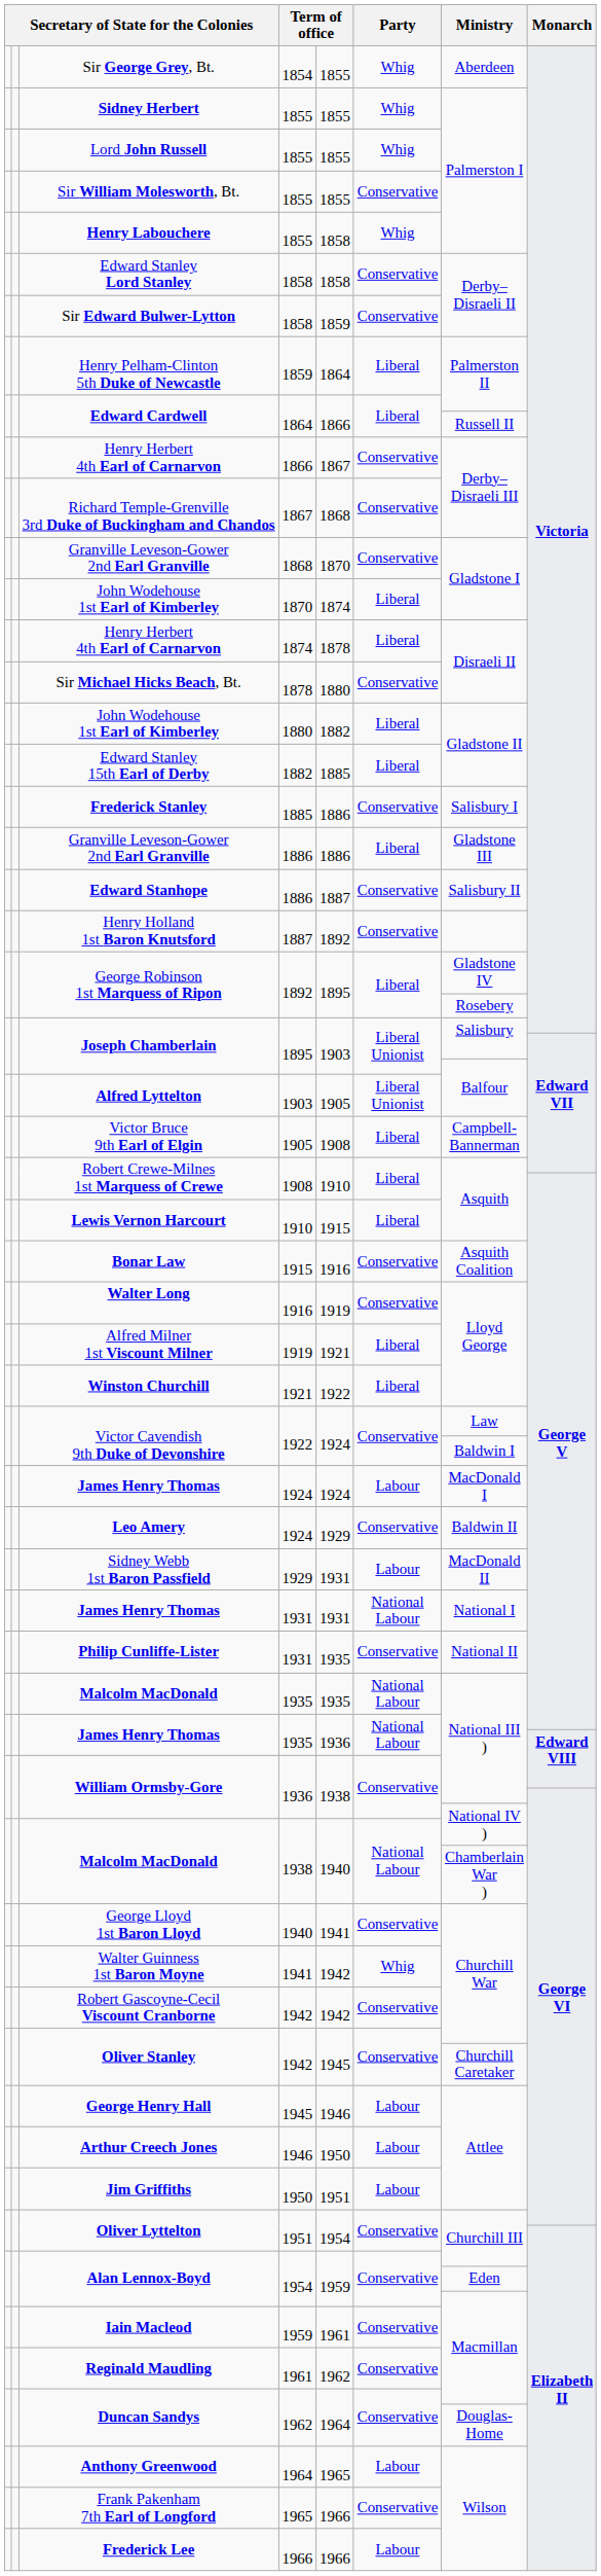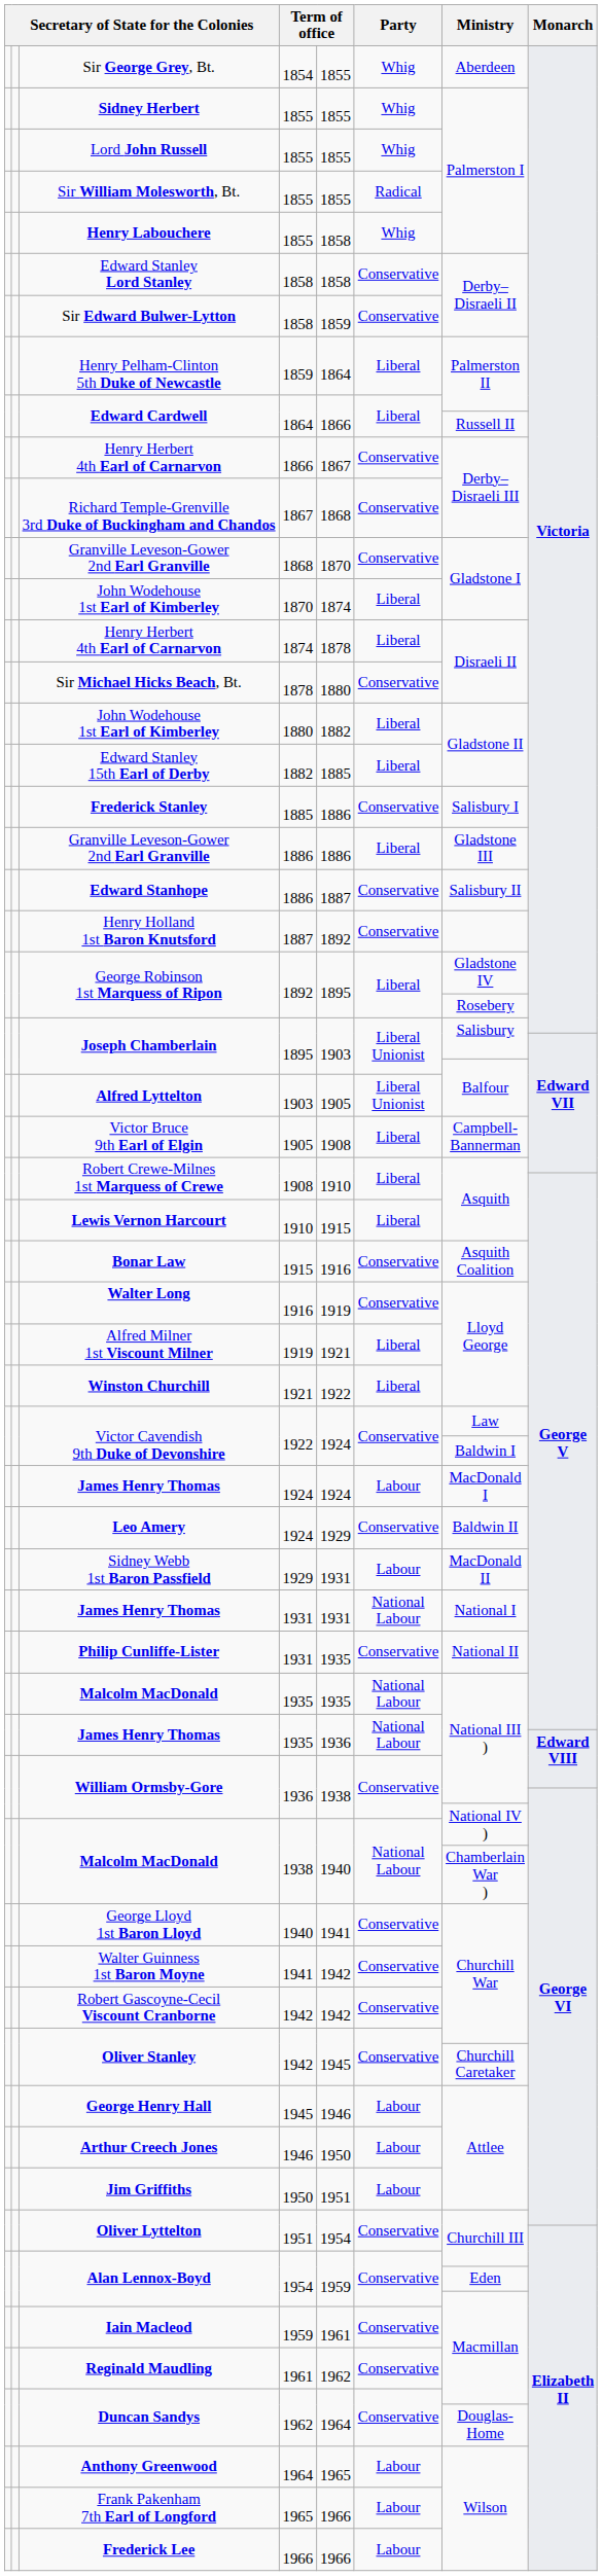 <table class="wikitable" style="text-align:center">
 <tr>
 <th colspan=3>Secretary of State for the Colonies</th>
 <th colspan=2>Term of office</th>
 <th>Party</th>
 <th>Ministry</th>
 <th>Monarch<br></th>
 </tr>
 <tr style="height:1em">
 <td style="background-color: "></td>
 <td></td>
 <td>Sir <a href='#'><strong>George Grey</strong></a>, Bt.<br></td>
 <td><br>1854</td>
 <td><br>1855</td>
 <td><a href='#'>Whig</a></td>
 <td><a href='#'>Aberdeen</a><br></td>
 <td rowspan=25 style="background:#EAECF0"><a href='#'><strong>Victoria</strong></a><br><br></td>
 </tr>
 <tr style="height:1em">
 <td style="background-color: "></td>
 <td></td>
 <td><a href='#'><strong>Sidney Herbert</strong></a><br></td>
 <td><br>1855</td>
 <td><br>1855</td>
 <td><a href='#'>Whig</a></td>
 <td rowspan=4 ><a href='#'>Palmerston I</a></td>
 </tr>
 <tr style="height:1em">
 <td style="background-color: "></td>
 <td></td>
 <td><a href='#'>Lord <strong>John Russell</strong></a><br></td>
 <td><br>1855</td>
 <td><br>1855</td>
 <td><a href='#'>Whig</a></td>
 </tr>
 <tr style="height:1em">
 <td style="background-color: "></td>
 <td></td>
 <td><a href='#'>Sir <strong>William Molesworth</strong></a>, Bt.<br></td>
 <td><br>1855</td>
 <td><br>1855</td>
-<td><a href='#'>Conservative</a></td>
+<td><a href='#'>Radical</a></td>
 </tr>
 <tr style="height:1em">
 <td style="background-color: "></td>
 <td></td>
 <td><a href='#'><strong>Henry Labouchere</strong></a><br></td>
 <td><br>1855</td>
 <td><br>1858</td>
 <td><a href='#'>Whig</a></td>
 </tr>
 <tr style="height:1em">
 <td style="background-color: "></td>
 <td></td>
 <td><a href='#'>Edward Stanley<br><strong>Lord Stanley</strong></a><br></td>
 <td><br>1858</td>
 <td><br>1858</td>
 <td><a href='#'>Conservative</a></td>
 <td rowspan=2 ><a href='#'>Derby–Disraeli II</a></td>
 </tr>
 <tr style="height:1em">
 <td style="background-color: "></td>
 <td></td>
 <td>Sir <a href='#'><strong>Edward Bulwer-Lytton</strong></a><br></td>
 <td><br>1858</td>
 <td><br>1859</td>
 <td><a href='#'>Conservative</a></td>
 </tr>
 <tr style="height:1em">
 <td style="background-color: "></td>
 <td></td>
 <td><a href='#'><br>Henry Pelham-Clinton<br>5th <strong>Duke of Newcastle</strong></a><br></td>
 <td><br>1859</td>
 <td><br>1864</td>
 <td><a href='#'>Liberal</a></td>
 <td rowspan=2 ><a href='#'>Palmerston II</a></td>
 </tr>
 <tr style="height:1em">
 <td rowspan=2 style="background-color: "></td>
 <td rowspan=2></td>
 <td rowspan=2><a href='#'><strong>Edward Cardwell</strong></a><br></td>
 <td rowspan=2><br>1864</td>
 <td rowspan=2><br>1866</td>
 <td rowspan=2 ><a href='#'>Liberal</a></td>
 </tr>
 <tr style="height:1em">
 <td><a href='#'>Russell II</a></td>
 </tr>
 <tr style="height:1em">
 <td style="background-color: "></td>
 <td></td>
 <td><a href='#'>Henry Herbert<br>4th <strong>Earl of Carnarvon</strong></a><br></td>
 <td><br>1866</td>
 <td><br>1867</td>
 <td><a href='#'>Conservative</a></td>
 <td rowspan=2 ><a href='#'>Derby–Disraeli III</a></td>
 </tr>
 <tr style="height:1em">
 <td style="background-color: "></td>
 <td></td>
 <td style="white-space: nowrap;"><a href='#'><br>Richard Temple-Grenville<br>3rd <strong>Duke of Buckingham and Chandos</strong></a><br></td>
 <td><br>1867</td>
 <td><br>1868</td>
 <td><a href='#'>Conservative</a></td>
 </tr>
 <tr style="height:1em">
 <td style="background-color: "></td>
 <td></td>
 <td><a href='#'>Granville Leveson-Gower<br>2nd <strong>Earl Granville</strong></a><br></td>
 <td><br>1868</td>
 <td><br>1870</td>
 <td><a href='#'>Conservative</a></td>
 <td rowspan=2 ><a href='#'>Gladstone I</a></td>
 </tr>
 <tr style="height:1em">
 <td style="background-color: "></td>
 <td></td>
 <td><a href='#'>John Wodehouse<br>1st <strong>Earl of Kimberley</strong></a><br></td>
 <td><br>1870</td>
 <td><br>1874</td>
 <td><a href='#'>Liberal</a></td>
 </tr>
 <tr style="height:1em">
 <td style="background-color: "></td>
 <td></td>
 <td><a href='#'>Henry Herbert<br>4th <strong>Earl of Carnarvon</strong></a></td>
 <td><br>1874</td>
 <td><br>1878</td>
 <td><a href='#'>Liberal</a></td>
 <td rowspan=2 ><a href='#'>Disraeli II</a></td>
 </tr>
 <tr style="height:1em">
 <td style="background-color: "></td>
 <td></td>
 <td>Sir <a href='#'><strong>Michael Hicks Beach</strong></a>, Bt.<br></td>
 <td><br>1878</td>
 <td><br>1880</td>
 <td><a href='#'>Conservative</a></td>
 </tr>
 <tr style="height:1em">
 <td style="background-color: "></td>
 <td></td>
 <td><a href='#'>John Wodehouse<br>1st <strong>Earl of Kimberley</strong></a><br></td>
 <td><br>1880</td>
 <td><br>1882</td>
 <td><a href='#'>Liberal</a></td>
 <td rowspan=2 ><a href='#'>Gladstone II</a></td>
 </tr>
 <tr style="height:1em">
 <td style="background-color: "></td>
 <td></td>
 <td><a href='#'>Edward Stanley<br>15th <strong>Earl of Derby</strong></a><br></td>
 <td><br>1882</td>
 <td><br>1885</td>
 <td><a href='#'>Liberal</a></td>
 </tr>
 <tr style="height:1em">
 <td style="background-color: "></td>
 <td></td>
 <td><a href='#'><strong>Frederick Stanley</strong></a><br></td>
 <td><br>1885</td>
 <td><br>1886</td>
 <td><a href='#'>Conservative</a></td>
 <td><a href='#'>Salisbury I</a></td>
 </tr>
 <tr style="height:1em">
 <td style="background-color: "></td>
 <td></td>
 <td><a href='#'>Granville Leveson-Gower<br>2nd <strong>Earl Granville</strong></a><br></td>
 <td><br>1886</td>
 <td><br>1886</td>
 <td><a href='#'>Liberal</a></td>
 <td><a href='#'>Gladstone III</a></td>
 </tr>
 <tr style="height:1em">
 <td style="background-color: "></td>
 <td></td>
 <td><strong><a href='#'>Edward Stanhope</a></strong><br></td>
 <td><br>1886</td>
 <td><br>1887</td>
 <td><a href='#'>Conservative</a></td>
 <td><a href='#'>Salisbury II</a></td>
 </tr>
 <tr style="height:1em">
 <td style="background-color: "></td>
 <td></td>
 <td><a href='#'>Henry Holland<br>1st <strong>Baron Knutsford</strong></a><br></td>
 <td><br>1887</td>
 <td><br>1892</td>
 <td><a href='#'>Conservative</a></td>
 </tr>
 <tr style="height:1em">
 <td rowspan=2 style="background-color: "></td>
 <td rowspan=2></td>
 <td rowspan=2><a href='#'>George Robinson<br>1st <strong>Marquess of Ripon</strong></a><br></td>
 <td rowspan=2><br>1892</td>
 <td rowspan=2><br>1895</td>
 <td rowspan=2 ><a href='#'>Liberal</a></td>
 <td><a href='#'>Gladstone IV</a></td>
 </tr>
 <tr style="height:1em">
 <td><a href='#'>Rosebery</a></td>
 </tr>
 <tr style="height:1em">
 <td rowspan=3 style="background-color: "></td>
 <td rowspan=3></td>
 <td rowspan=3><strong><a href='#'>Joseph Chamberlain</a></strong><br></td>
 <td rowspan=3><br>1895</td>
 <td rowspan=3><br>1903</td>
 <td rowspan=3 ><a href='#'>Liberal Unionist</a></td>
 <td rowspan=2 ><a href='#'>Salisbury<br></a><br></td>
 </tr>
 <tr style="height:1em">
 <td rowspan=5 style="background:#EAECF0"><strong><a href='#'>Edward VII</a></strong><br><br></td>
 </tr>
 <tr style="height:1em">
 <td rowspan=2 ><a href='#'>Balfour</a><br></td>
 </tr>
 <tr style="height:1em">
 <td style="background-color: "></td>
 <td></td>
 <td><strong><a href='#'>Alfred Lyttelton</a></strong><br></td>
 <td><br>1903</td>
 <td><br>1905</td>
 <td><a href='#'>Liberal Unionist</a></td>
 </tr>
 <tr style="height:1em">
 <td style="background-color: "></td>
 <td></td>
 <td><a href='#'>Victor Bruce<br>9th <strong>Earl of Elgin</strong></a><br></td>
 <td><br>1905</td>
 <td><br>1908</td>
 <td><a href='#'>Liberal</a></td>
 <td><a href='#'>Campbell-Bannerman</a></td>
 </tr>
 <tr style="height:1em">
 <td rowspan=2 style="background-color: "></td>
 <td rowspan=2></td>
 <td rowspan=2><a href='#'>Robert Crewe-Milnes<br>1st <strong>Marquess of Crewe</strong></a><br></td>
 <td rowspan=2><br>1908</td>
 <td rowspan=2><br>1910</td>
 <td rowspan=2 ><a href='#'>Liberal</a></td>
 <td rowspan=3 ><a href='#'>Asquith<br></a></td>
 </tr>
 <tr style="height:1em">
 <td rowspan=15 style="background:#EAECF0"><strong><a href='#'>George V</a></strong><br><br></td>
 </tr>
 <tr style="height:1em">
 <td style="background-color: "></td>
 <td></td>
 <td><a href='#'><strong>Lewis Vernon Harcourt</strong></a><br></td>
 <td><br>1910</td>
 <td><br>1915</td>
 <td><a href='#'>Liberal</a></td>
 </tr>
 <tr style="height:1em">
 <td style="background-color: "></td>
 <td></td>
 <td><strong><a href='#'>Bonar Law</a></strong><br></td>
 <td><br>1915</td>
 <td><br>1916</td>
 <td><a href='#'>Conservative</a></td>
 <td><a href='#'>Asquith Coalition</a><br></td>
 </tr>
 <tr style="height:1em">
 <td style="background-color: "></td>
 <td></td>
 <td><a href='#'><strong>Walter Long</strong></a><br><br></td>
 <td><br>1916</td>
 <td><br>1919</td>
 <td><a href='#'>Conservative</a></td>
 <td rowspan=3 ><a href='#'>Lloyd George<br></a><br></td>
 </tr>
 <tr style="height:1em">
 <td style="background-color: "></td>
 <td></td>
 <td><a href='#'>Alfred Milner<br>1st <strong>Viscount Milner</strong></a><br></td>
 <td><br>1919</td>
 <td><br>1921</td>
 <td><a href='#'>Liberal</a></td>
 </tr>
 <tr style="height:1em">
 <td style="background-color: "></td>
 <td></td>
 <td><strong><a href='#'>Winston Churchill</a></strong><br></td>
 <td><br>1921</td>
 <td><br>1922</td>
 <td><a href='#'>Liberal</a></td>
 </tr>
 <tr style="height:1em">
 <td rowspan=2 style="background-color: "></td>
 <td rowspan=2></td>
 <td rowspan=2><a href='#'><br>Victor Cavendish<br>9th <strong>Duke of Devonshire</strong></a><br></td>
 <td rowspan=2><br>1922</td>
 <td rowspan=2><br>1924</td>
 <td rowspan=2 ><a href='#'>Conservative</a></td>
 <td><a href='#'>Law</a></td>
 </tr>
 <tr style="height:1em">
 <td><a href='#'>Baldwin I</a></td>
 </tr>
 <tr style="height:1em">
 <td style="background-color: "></td>
 <td></td>
 <td><strong><a href='#'>James Henry Thomas</a></strong><br></td>
 <td><br>1924</td>
 <td><br>1924</td>
 <td><a href='#'>Labour</a></td>
 <td><a href='#'>MacDonald I</a></td>
 </tr>
 <tr style="height:1em">
 <td style="background-color: "></td>
 <td></td>
 <td><strong><a href='#'>Leo Amery</a></strong><br></td>
 <td><br>1924</td>
 <td><br>1929</td>
 <td><a href='#'>Conservative</a></td>
 <td><a href='#'>Baldwin II</a></td>
 </tr>
 <tr style="height:1em">
 <td style="background-color: "></td>
 <td></td>
 <td><a href='#'>Sidney Webb<br>1st <strong>Baron Passfield</strong></a><br></td>
 <td><br>1929</td>
 <td><br>1931</td>
 <td><a href='#'>Labour</a></td>
 <td><a href='#'>MacDonald II</a></td>
 </tr>
 <tr style="height:1em">
 <td style="background-color: "></td>
 <td></td>
 <td><strong><a href='#'>James Henry Thomas</a></strong><br></td>
 <td><br>1931</td>
 <td><br>1931</td>
 <td><a href='#'>National Labour</a></td>
 <td><a href='#'>National I</a><br></td>
 </tr>
 <tr style="height:1em">
 <td style="background-color: "></td>
 <td></td>
 <td><a href='#'><strong>Philip Cunliffe-Lister</strong></a><br></td>
 <td><br>1931</td>
 <td><br>1935</td>
 <td><a href='#'>Conservative</a></td>
 <td><a href='#'>National II</a><br></td>
 </tr>
 <tr style="height:1em">
 <td style="background-color: "></td>
 <td></td>
 <td><strong><a href='#'>Malcolm MacDonald</a></strong><br></td>
 <td><br>1935</td>
 <td><br>1935</td>
 <td><a href='#'>National Labour</a></td>
 <td rowspan=5 ><a href='#'>National III</a><br>)</td>
 </tr>
 <tr style="height:1em">
 <td rowspan=2 style="background-color: "></td>
 <td rowspan=2></td>
 <td rowspan=2><strong><a href='#'>James Henry Thomas</a></strong><br></td>
 <td rowspan=2><br>1935</td>
 <td rowspan=2><br>1936</td>
 <td rowspan=2 ><a href='#'>National Labour</a></td>
 </tr>
 <tr style="height:1em">
 <td rowspan=2 style="background:#EAECF0"><strong><a href='#'>Edward VIII</a></strong><br><br></td>
 </tr>
 <tr style="height:1em">
 <td rowspan=3 style="background-color: "></td>
 <td rowspan=3></td>
 <td rowspan=3><a href='#'><strong>William Ormsby-Gore</strong></a><br></td>
 <td rowspan=3><br>1936</td>
 <td rowspan=3><br>1938</td>
 <td rowspan=3 ><a href='#'>Conservative</a></td>
 </tr>
 <tr style="height:1em">
 <td rowspan=13 style="background:#EAECF0"><strong><a href='#'>George VI</a></strong><br><br></td>
 </tr>
 <tr style="height:1em">
 <td rowspan=2 ><a href='#'>National IV</a><br>)</td>
 </tr>
 <tr style="height:1em">
 <td rowspan=2 style="background-color: "></td>
 <td rowspan=2></td>
 <td rowspan=2><strong><a href='#'>Malcolm MacDonald</a></strong><br></td>
 <td rowspan=2><br>1938</td>
 <td rowspan=2><br>1940</td>
 <td rowspan=2 ><a href='#'>National Labour</a></td>
 </tr>
 <tr style="height:1em">
 <td><a href='#'>Chamberlain War</a><br>)</td>
 </tr>
 <tr style="height:1em">
 <td style="background-color: "></td>
 <td></td>
 <td><a href='#'>George Lloyd<br>1st <strong>Baron Lloyd</strong></a><br></td>
 <td><br>1940</td>
 <td><br>1941</td>
 <td><a href='#'>Conservative</a></td>
 <td rowspan=4 ><a href='#'>Churchill War</a><br></td>
 </tr>
 <tr style="height:1em">
 <td style="background-color: "></td>
 <td></td>
 <td><a href='#'>Walter Guinness<br>1st <strong>Baron Moyne</strong></a><br></td>
 <td><br>1941</td>
 <td><br>1942</td>
-<td><a href='#'>Whig</a></td>
+<td><a href='#'>Conservative</a></td>
 </tr>
 <tr style="height:1em">
 <td style="background-color: "></td>
 <td></td>
 <td><a href='#'>Robert Gascoyne-Cecil<br><strong>Viscount Cranborne</strong></a><br></td>
 <td><br>1942</td>
 <td><br>1942</td>
 <td><a href='#'>Conservative</a></td>
 </tr>
 <tr style="height:1em">
 <td rowspan=2 style="background-color: "></td>
 <td rowspan=2></td>
 <td rowspan=2><strong><a href='#'>Oliver Stanley</a></strong><br></td>
 <td rowspan=2><br>1942</td>
 <td rowspan=2><br>1945</td>
 <td rowspan=2 ><a href='#'>Conservative</a></td>
 </tr>
 <tr style="height:1em">
 <td><a href='#'>Churchill Caretaker</a><br></td>
 </tr>
 <tr style="height:1em">
 <td style="background-color: "></td>
 <td></td>
 <td><a href='#'><strong>George Henry Hall</strong></a><br></td>
 <td><br>1945</td>
 <td><br>1946</td>
 <td><a href='#'>Labour</a></td>
 <td rowspan=3 ><a href='#'>Attlee<br></a></td>
 </tr>
 <tr style="height:1em">
 <td style="background-color: "></td>
 <td></td>
 <td><strong><a href='#'>Arthur Creech Jones</a></strong><br></td>
 <td><br>1946</td>
 <td><br>1950</td>
 <td><a href='#'>Labour</a></td>
 </tr>
 <tr style="height:1em">
 <td style="background-color: "></td>
 <td></td>
 <td><strong><a href='#'>Jim Griffiths</a></strong><br></td>
 <td><br>1950</td>
 <td><br>1951</td>
 <td><a href='#'>Labour</a></td>
 </tr>
 <tr style="height:1em">
 <td rowspan=2 style="background-color: "></td>
 <td rowspan=2></td>
 <td rowspan=2><a href='#'><strong>Oliver Lyttelton</strong></a><br></td>
 <td rowspan=2><br>1951</td>
 <td rowspan=2><br>1954</td>
 <td rowspan=2 ><a href='#'>Conservative</a></td>
 <td rowspan=3 ><a href='#'>Churchill III</a></td>
 </tr>
 <tr style="height:1em">
 <td rowspan=11 style="background:#EAECF0"><strong><a href='#'>Elizabeth II</a></strong><br><br></td>
 </tr>
 <tr style="height:1em">
 <td rowspan=3 style="background-color: "></td>
 <td rowspan=3></td>
 <td rowspan=3><a href='#'><strong>Alan Lennox-Boyd</strong></a><br></td>
 <td rowspan=3><br>1954</td>
 <td rowspan=3><br>1959</td>
 <td rowspan=3 ><a href='#'>Conservative</a></td>
 </tr>
 <tr style="height:1em">
 <td><a href='#'>Eden</a></td>
 </tr>
 <tr style="height:1em">
 <td rowspan=4 ><a href='#'>Macmillan<br></a></td>
 </tr>
 <tr style="height:1em">
 <td style="background-color: "></td>
 <td></td>
 <td><strong><a href='#'>Iain Macleod</a></strong><br></td>
 <td><br>1959</td>
 <td><br>1961</td>
 <td><a href='#'>Conservative</a></td>
 </tr>
 <tr style="height:1em">
 <td style="background-color: "></td>
 <td></td>
 <td><strong><a href='#'>Reginald Maudling</a></strong><br></td>
 <td><br>1961</td>
 <td><br>1962</td>
 <td><a href='#'>Conservative</a></td>
 </tr>
 <tr style="height:1em">
 <td rowspan=2 style="background-color: "></td>
 <td rowspan=2></td>
 <td rowspan=2><strong><a href='#'>Duncan Sandys</a></strong><br></td>
 <td rowspan=2><br>1962</td>
 <td rowspan=2><br>1964</td>
 <td rowspan=2 ><a href='#'>Conservative</a></td>
 </tr>
 <tr style="height:1em">
 <td><a href='#'>Douglas-Home</a></td>
 </tr>
 <tr style="height:1em">
 <td style="background-color: "></td>
 <td></td>
 <td><a href='#'><strong>Anthony Greenwood</strong></a><br></td>
 <td><br>1964</td>
 <td><br>1965</td>
 <td><a href='#'>Labour</a></td>
 <td rowspan=3 ><a href='#'>Wilson<br></a></td>
 </tr>
 <tr style="height:1em">
 <td style="background-color: "></td>
 <td></td>
 <td><a href='#'>Frank Pakenham<br>7th <strong>Earl of Longford</strong></a><br></td>
 <td><br>1965</td>
 <td><br>1966</td>
-<td><a href='#'>Conservative</a></td>
+<td><a href='#'>Labour</a></td>
 </tr>
 <tr style="height:1em">
 <td style="background-color: "></td>
 <td></td>
 <td><a href='#'><strong>Frederick Lee</strong></a><br></td>
 <td><br>1966</td>
 <td><br>1966</td>
 <td><a href='#'>Labour</a></td>
 </tr>
 </table>
